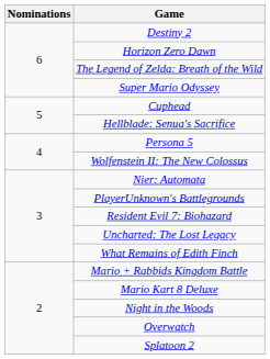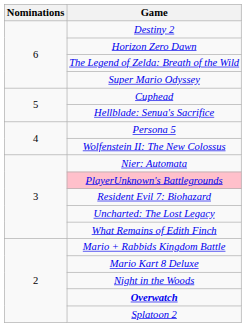 <table class="wikitable" rowspan="2" style="text-align:center;">
 <tr>
 <th scope="col" style="width:55px;">Nominations</th>
 <th scope="col" style="text-align:center;">Game</th>
 </tr>
 <tr>
 <td rowspan=4 style="text-align:center">6</td>
 <td><em><a href='#'>Destiny 2</a></em></td>
 </tr>
 <tr>
 <td><em><a href='#'>Horizon Zero Dawn</a></em></td>
 </tr>
 <tr>
 <td><em><a href='#'>The Legend of Zelda: Breath of the Wild</a></em></td>
 </tr>
 <tr>
 <td><em><a href='#'>Super Mario Odyssey</a></em></td>
 </tr>
 <tr>
 <td rowspan=2 style="text-align:center">5</td>
 <td><em><a href='#'>Cuphead</a></em></td>
 </tr>
 <tr>
 <td><em><a href='#'>Hellblade: Senua's Sacrifice</a></em></td>
 </tr>
 <tr>
 <td rowspan=2 style="text-align:center">4</td>
 <td><em><a href='#'>Persona 5</a></em></td>
 </tr>
 <tr>
 <td><em><a href='#'>Wolfenstein II: The New Colossus</a></em></td>
 </tr>
 <tr>
 <td rowspan=5 style="text-align:center">3</td>
 <td><em><a href='#'>Nier: Automata</a></em></td>
 </tr>
 <tr>
-<td><em><a href='#'>PlayerUnknown's Battlegrounds</a></em></td>
+<td style="background: pink;"><em><a href='#'>PlayerUnknown's Battlegrounds</a></em></td>
 </tr>
 <tr>
 <td><em><a href='#'>Resident Evil 7: Biohazard</a></em></td>
 </tr>
 <tr>
 <td><em><a href='#'>Uncharted: The Lost Legacy</a></em></td>
 </tr>
 <tr>
 <td><em><a href='#'>What Remains of Edith Finch</a></em></td>
 </tr>
 <tr>
 <td rowspan=5 style="text-align:center">2</td>
 <td><em><a href='#'>Mario + Rabbids Kingdom Battle</a></em></td>
 </tr>
 <tr>
 <td><em><a href='#'>Mario Kart 8 Deluxe</a></em></td>
 </tr>
 <tr>
 <td><em><a href='#'>Night in the Woods</a></em></td>
 </tr>
 <tr>
-<td><em><a href='#'>Overwatch</a></em></td>
+<td><strong><em><a href='#'>Overwatch</a></em></strong></td>
 </tr>
 <tr>
 <td><em><a href='#'>Splatoon 2</a></em></td>
 </tr>
 </table>
